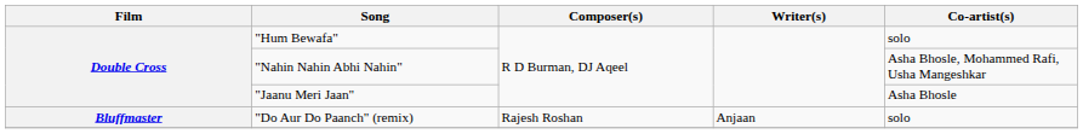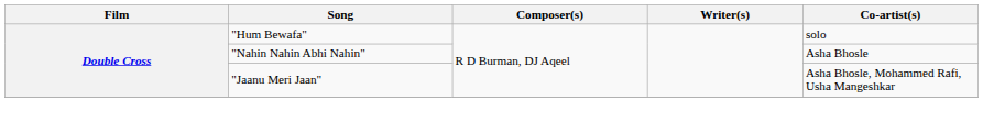 <table class="wikitable plainrowheaders" width="100%" textcolor:#000;">
 <tr style="background:#b0e0e66;">
 <th scope="col" width=23%><strong>Film</strong></th>
 <th scope="col" width=23%><strong>Song</strong></th>
 <th scope="col" width=20%><strong>Composer(s)</strong></th>
 <th scope="col" width=16%><strong>Writer(s)</strong></th>
 <th scope="col" width=18%><strong>Co-artist(s)</strong></th>
 </tr>
 <tr>
 <th rowspan=3><em><a href='#'>Double Cross</a></em></th>
 <td>"Hum Bewafa"</td>
 <td rowspan=3>R D Burman, DJ Aqeel</td>
 <td rowspan=3></td>
 <td>solo</td>
 </tr>
 <tr>
 <td>"Nahin Nahin Abhi Nahin"</td>
-<td>Asha Bhosle, Mohammed Rafi, Usha Mangeshkar</td>
+<td>Asha Bhosle</td>
 </tr>
 <tr>
 <td>"Jaanu Meri Jaan"</td>
-<td>Asha Bhosle</td>
-</tr>
-<tr>
-<th><em><a href='#'>Bluffmaster</a></em></th>
-<td>"Do Aur Do Paanch" (remix)</td>
-<td>Rajesh Roshan</td>
-<td>Anjaan</td>
-<td>solo</td>
+<td>Asha Bhosle, Mohammed Rafi, Usha Mangeshkar</td>
 </tr>
 <tr>
 </tr>
 </table>
